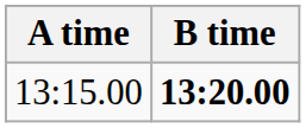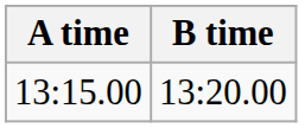 <table class="wikitable" border="1" align="upright">
 <tr>
 <th>A time</th>
 <th>B time</th>
 </tr>
 <tr>
 <td>13:15.00</td>
-<td><strong>13:20.00</strong></td>
+<td>13:20.00</td>
 </tr>
 </table>
